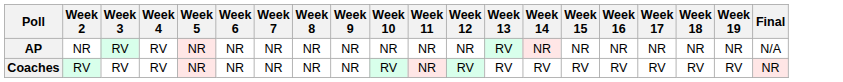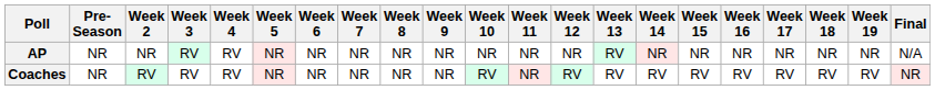 <table class="wikitable" style="white-space:nowrap;font-size:90%">
 <tr>
 <th>Poll</th>
+<th>Pre-<br>Season</th>
 <th>Week<br>2</th>
 <th>Week<br>3</th>
 <th>Week<br>4</th>
 <th>Week<br>5</th>
 <th>Week<br>6</th>
 <th>Week<br>7</th>
 <th>Week<br>8</th>
 <th>Week<br>9</th>
 <th>Week<br>10</th>
 <th>Week<br>11</th>
 <th>Week<br>12</th>
 <th>Week<br>13</th>
 <th>Week<br>14</th>
 <th>Week<br>15</th>
 <th>Week<br>16</th>
 <th>Week<br>17</th>
 <th>Week<br>18</th>
 <th>Week<br>19</th>
 <th>Final</th>
 </tr>
 <tr style="text-align:center;">
 <th>AP</th>
 <td style="background:#FFF;">NR</td>
+<td style="background:#FFF;">NR</td>
 <td style="background:#D8FFEB;">RV</td>
 <td style="background:#FFF;">RV</td>
 <td style="background:#FFE6E6;">NR</td>
 <td style="background:#FFF;">NR</td>
 <td style="background:#FFF;">NR</td>
 <td style="background:#FFF;">NR</td>
 <td style="background:#FFF;">NR</td>
 <td style="background:#FFF;">NR</td>
 <td style="background:#FFF;">NR</td>
 <td style="background:#FFF;">NR</td>
 <td style="background:#D8FFEB;">RV</td>
 <td style="background:#FFE6E6;">NR</td>
 <td style="background:#FFF;">NR</td>
 <td style="background:#FFF;">NR</td>
 <td style="background:#FFF;">NR</td>
 <td style="background:#FFF;">NR</td>
 <td style="background:#FFF;">NR</td>
 <td style="background:#FFF;">N/A</td>
 </tr>
 <tr style="text-align:center;">
 <th>Coaches</th>
+<td style="background:#FFF;">NR</td>
 <td style="background:#D8FFEB;">RV</td>
 <td style="background:#FFF;">RV</td>
 <td style="background:#FFF;">RV</td>
 <td style="background:#FFE6E6;">NR</td>
 <td style="background:#FFF;">NR</td>
 <td style="background:#FFF;">NR</td>
 <td style="background:#FFF;">NR</td>
 <td style="background:#FFF;">NR</td>
 <td style="background:#D8FFEB;">RV</td>
 <td style="background:#FFE6E6;">NR</td>
 <td style="background:#D8FFEB;">RV</td>
 <td style="background:#FFF;">RV</td>
 <td style="background:#FFF;">RV</td>
 <td style="background:#FFF;">RV</td>
 <td style="background:#FFF;">RV</td>
 <td style="background:#FFF;">RV</td>
 <td style="background:#FFF;">RV</td>
 <td style="background:#FFF;">RV</td>
 <td style="background:#FFE6E6;">NR</td>
 </tr>
 </table>
